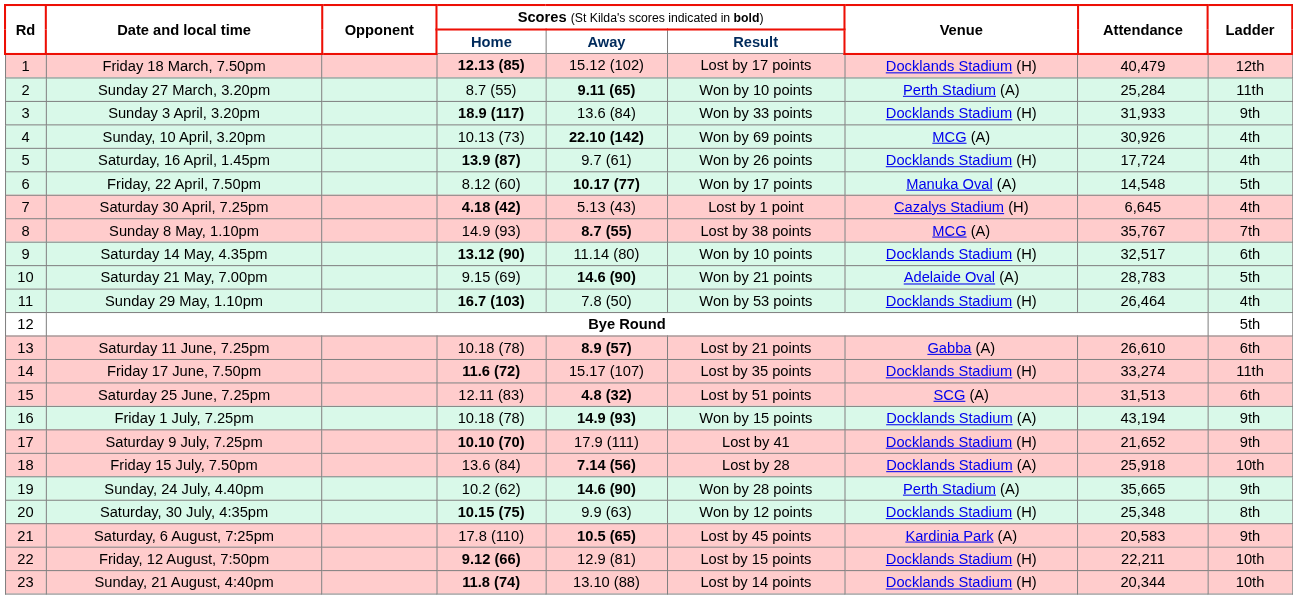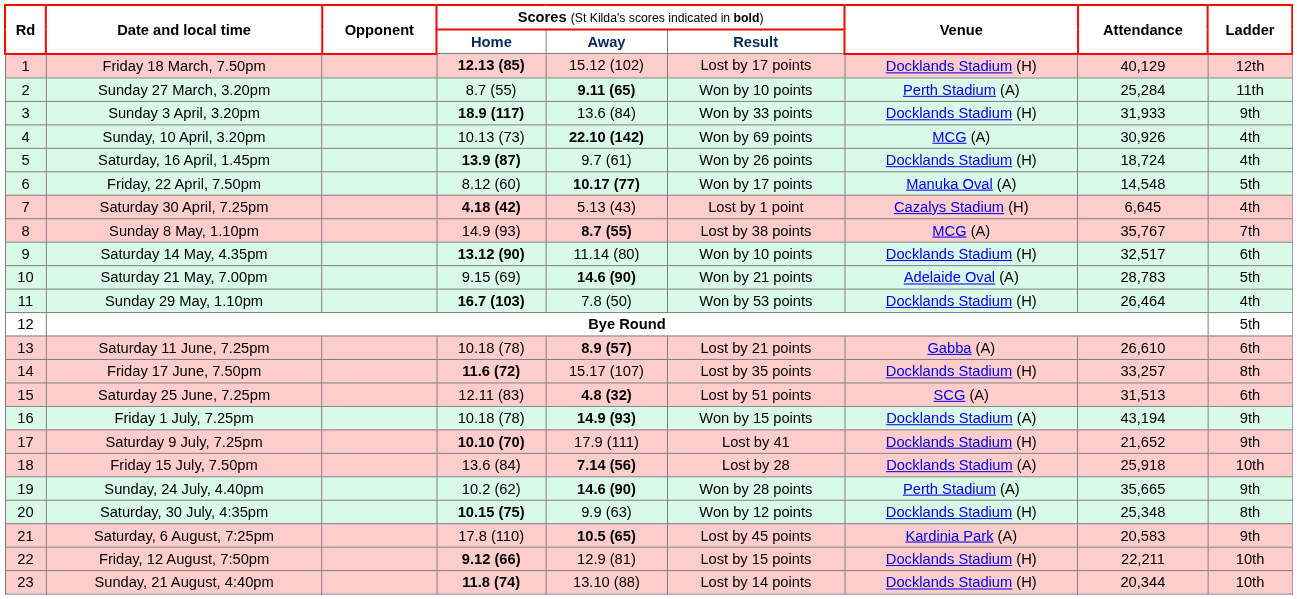 <table cellspacing="0" cellpadding="3" border="1" style="border-collapse:collapse; font-size:90%; text-align:center; width:100%;">
 <tr>
 <td rowspan="2" style="border: solid #ED0F05 2px;"><strong>Rd</strong></td>
 <td rowspan="2" style="border: solid #ED0F05 2px;"><strong>Date and local time</strong></td>
 <td rowspan="2" style="border: solid #ED0F05 2px;"><strong>Opponent</strong></td>
 <td colspan="3" style="border: solid #ED0F05 2px;"><strong>Scores</strong> <small>(St Kilda's scores indicated in <strong>bold</strong>)</small></td>
 <td rowspan="2" style="border: solid #ED0F05 2px;"><strong>Venue</strong></td>
 <td rowspan="2" style="border: solid #ED0F05 2px;"><strong>Attendance</strong></td>
 <td rowspan="2" style="border: solid #ED0F05 2px;"><strong>Ladder</strong></td>
 </tr>
 <tr>
 <th style="color:#002B5C">Home</th>
 <th style="color:#002B5C">Away</th>
 <th style="color:#002B5C">Result</th>
 </tr>
 <tr style="background:#fcc;">
 <td>1</td>
 <td>Friday 18 March, 7.50pm</td>
 <td></td>
 <td><strong>12.13 (85)</strong></td>
 <td>15.12 (102)</td>
 <td>Lost by 17 points</td>
 <td><a href='#'>Docklands Stadium</a> (H)</td>
-<td>40,479</td>
+<td>40,129</td>
 <td>12th</td>
 </tr>
 <tr style="background:#d9f9e9;">
 <td>2</td>
 <td>Sunday 27 March, 3.20pm</td>
 <td></td>
 <td>8.7 (55)</td>
 <td><strong>9.11 (65)</strong></td>
 <td>Won by 10 points</td>
 <td><a href='#'>Perth Stadium</a> (A)</td>
 <td>25,284</td>
 <td>11th</td>
 </tr>
 <tr style="background:#d9f9e9;">
 <td>3</td>
 <td>Sunday 3 April, 3.20pm</td>
 <td></td>
 <td><strong>18.9 (117)</strong></td>
 <td>13.6 (84)</td>
 <td>Won by 33 points</td>
 <td><a href='#'>Docklands Stadium</a> (H)</td>
 <td>31,933</td>
 <td>9th</td>
 </tr>
 <tr style="background:#d9f9e9;">
 <td>4</td>
 <td>Sunday, 10 April, 3.20pm</td>
 <td></td>
 <td>10.13 (73)</td>
 <td><strong>22.10 (142)</strong></td>
 <td>Won by 69 points</td>
 <td><a href='#'>MCG</a> (A)</td>
 <td>30,926</td>
 <td>4th</td>
 </tr>
 <tr style="background:#d9f9e9;">
 <td>5</td>
 <td>Saturday, 16 April, 1.45pm</td>
 <td></td>
 <td><strong>13.9 (87)</strong></td>
 <td>9.7 (61)</td>
 <td>Won by 26 points</td>
 <td><a href='#'>Docklands Stadium</a> (H)</td>
-<td>17,724</td>
+<td>18,724</td>
 <td>4th</td>
 </tr>
 <tr style="background:#d9f9e9;">
 <td>6</td>
 <td>Friday, 22 April, 7.50pm</td>
 <td></td>
 <td>8.12 (60)</td>
 <td><strong>10.17 (77)</strong></td>
 <td>Won by 17 points</td>
 <td><a href='#'>Manuka Oval</a> (A)</td>
 <td>14,548</td>
 <td>5th</td>
 </tr>
 <tr style="background:#fcc;">
 <td>7</td>
 <td>Saturday 30 April, 7.25pm</td>
 <td></td>
 <td><strong>4.18  (42)</strong></td>
 <td>5.13 (43)</td>
 <td>Lost by 1 point</td>
 <td><a href='#'>Cazalys Stadium</a> (H)</td>
 <td>6,645</td>
 <td>4th</td>
 </tr>
 <tr style="background:#fcc;">
 <td>8</td>
 <td>Sunday 8 May, 1.10pm</td>
 <td></td>
 <td>14.9 (93)</td>
 <td><strong>8.7 (55)</strong></td>
 <td>Lost by 38 points</td>
 <td><a href='#'>MCG</a> (A)</td>
 <td>35,767</td>
 <td>7th</td>
 </tr>
 <tr style="background:#d9f9e9;">
 <td>9</td>
 <td>Saturday 14 May, 4.35pm</td>
 <td></td>
 <td><strong>13.12 (90)</strong></td>
 <td>11.14 (80)</td>
 <td>Won by 10 points</td>
 <td><a href='#'>Docklands Stadium</a> (H)</td>
 <td>32,517</td>
 <td>6th</td>
 </tr>
 <tr style="background:#d9f9e9;">
 <td>10</td>
 <td>Saturday 21 May, 7.00pm</td>
 <td></td>
 <td>9.15 (69)</td>
 <td><strong>14.6 (90)</strong></td>
 <td>Won by 21 points</td>
 <td><a href='#'>Adelaide Oval</a> (A)</td>
 <td>28,783</td>
 <td>5th</td>
 </tr>
 <tr style="background:#d9f9e9;">
 <td>11</td>
 <td>Sunday 29 May, 1.10pm</td>
 <td></td>
 <td><strong>16.7 (103)</strong></td>
 <td>7.8 (50)</td>
 <td>Won by 53 points</td>
 <td><a href='#'>Docklands Stadium</a> (H)</td>
 <td>26,464</td>
 <td>4th</td>
 </tr>
 <tr style="background:light grey">
 <td>12</td>
 <td colspan="7" style="text-align:center;"><strong>Bye Round</strong></td>
 <td>5th</td>
 </tr>
 <tr style="background:#fcc;">
 <td>13</td>
 <td>Saturday 11 June, 7.25pm</td>
 <td></td>
 <td>10.18 (78)</td>
 <td><strong>8.9 (57)</strong></td>
 <td>Lost by 21 points</td>
 <td><a href='#'>Gabba</a> (A)</td>
 <td>26,610</td>
 <td>6th</td>
 </tr>
 <tr style="background:#fcc;">
 <td>14</td>
 <td>Friday 17 June, 7.50pm</td>
 <td></td>
 <td><strong>11.6 (72)</strong></td>
 <td>15.17 (107)</td>
 <td>Lost by 35 points</td>
 <td><a href='#'>Docklands Stadium</a> (H)</td>
-<td>33,274</td>
-<td>11th</td>
+<td>33,257</td>
+<td>8th</td>
 </tr>
 <tr style="background:#fcc;">
 <td>15</td>
 <td>Saturday 25 June, 7.25pm</td>
 <td></td>
 <td>12.11 (83)</td>
 <td><strong>4.8 (32)</strong></td>
 <td>Lost by 51 points</td>
 <td><a href='#'>SCG</a> (A)</td>
 <td>31,513</td>
 <td>6th</td>
 </tr>
 <tr style="background:#d9f9e9;">
 <td>16</td>
 <td>Friday 1 July, 7.25pm</td>
 <td></td>
 <td>10.18 (78)</td>
 <td><strong>14.9 (93)</strong></td>
 <td>Won by 15 points</td>
 <td><a href='#'>Docklands Stadium</a> (A)</td>
 <td>43,194</td>
 <td>9th</td>
 </tr>
 <tr style="background:#fcc;">
 <td>17</td>
 <td>Saturday 9 July, 7.25pm</td>
 <td></td>
 <td><strong>10.10 (70)</strong></td>
 <td>17.9 (111)</td>
 <td>Lost by 41</td>
 <td><a href='#'>Docklands Stadium</a> (H)</td>
 <td>21,652</td>
 <td>9th</td>
 </tr>
 <tr style="background:#fcc;">
 <td>18</td>
 <td>Friday 15 July, 7.50pm</td>
 <td></td>
 <td>13.6 (84)</td>
 <td><strong>7.14 (56)</strong></td>
 <td>Lost by 28</td>
 <td><a href='#'>Docklands Stadium</a> (A)</td>
 <td>25,918</td>
 <td>10th</td>
 </tr>
 <tr style="background:#d9f9e9;">
 <td>19</td>
 <td>Sunday, 24 July, 4.40pm</td>
 <td></td>
 <td>10.2 (62)</td>
 <td><strong>14.6 (90)</strong></td>
 <td>Won by 28 points</td>
 <td><a href='#'>Perth Stadium</a> (A)</td>
 <td>35,665</td>
 <td>9th</td>
 </tr>
 <tr style="background:#d9f9e9;">
 <td>20</td>
 <td>Saturday, 30 July, 4:35pm</td>
 <td></td>
 <td><strong>10.15 (75)</strong></td>
 <td>9.9 (63)</td>
 <td>Won by 12 points</td>
 <td><a href='#'>Docklands Stadium</a> (H)</td>
 <td>25,348</td>
 <td>8th</td>
 </tr>
 <tr style="background:#fcc;">
 <td>21</td>
 <td>Saturday, 6 August, 7:25pm</td>
 <td></td>
 <td>17.8 (110)</td>
 <td><strong>10.5 (65)</strong></td>
 <td>Lost by 45 points</td>
 <td><a href='#'>Kardinia Park</a> (A)</td>
 <td>20,583</td>
 <td>9th</td>
 </tr>
 <tr style="background:#fcc;">
 <td>22</td>
 <td>Friday, 12 August, 7:50pm</td>
 <td></td>
 <td><strong>9.12 (66)</strong></td>
 <td>12.9 (81)</td>
 <td>Lost by 15 points</td>
 <td><a href='#'>Docklands Stadium</a> (H)</td>
 <td>22,211</td>
 <td>10th</td>
 </tr>
 <tr style="background:#fcc;">
 <td>23</td>
 <td>Sunday, 21 August, 4:40pm</td>
 <td></td>
 <td><strong>11.8 (74)</strong></td>
 <td>13.10 (88)</td>
 <td>Lost by 14 points</td>
 <td><a href='#'>Docklands Stadium</a> (H)</td>
 <td>20,344</td>
 <td>10th</td>
 </tr>
 </table>
